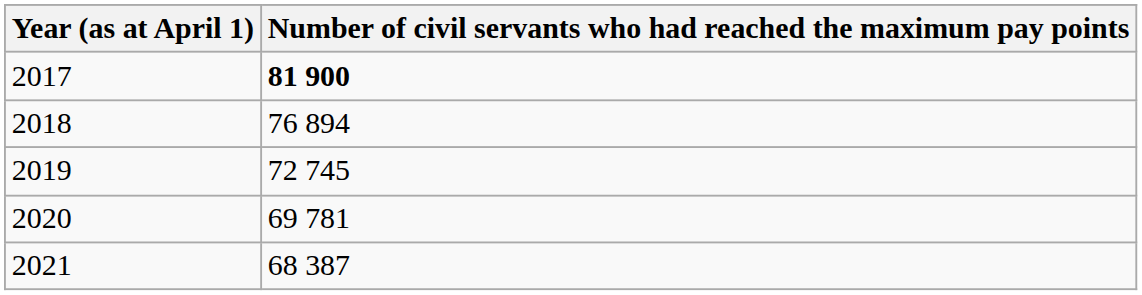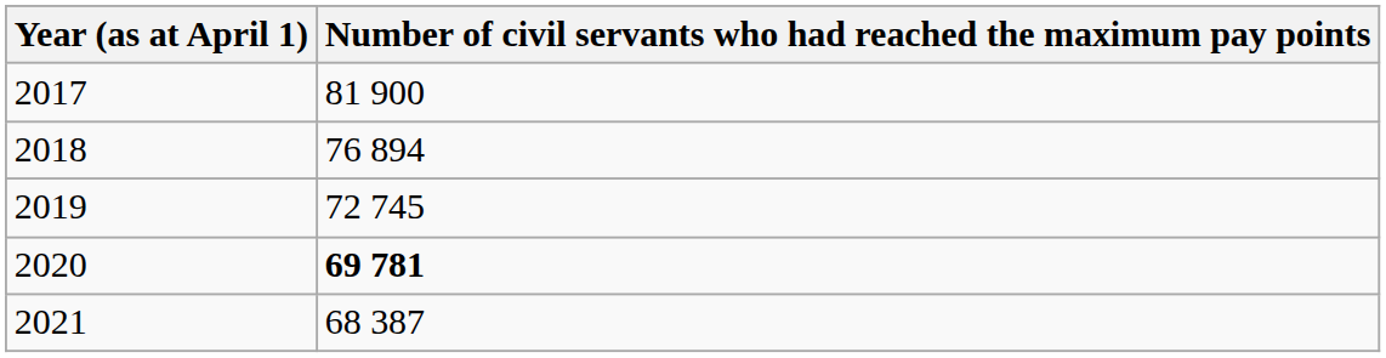 <table class="wikitable">
 <tr>
 <th>Year (as at April 1)</th>
 <th>Number of civil servants who had reached the maximum pay points</th>
 </tr>
 <tr>
 <td>2017</td>
-<td><strong>81 900</strong></td>
+<td>81 900</td>
 </tr>
 <tr>
 <td>2018</td>
 <td>76 894</td>
 </tr>
 <tr>
 <td>2019</td>
 <td>72 745</td>
 </tr>
 <tr>
 <td>2020</td>
-<td>69 781</td>
+<td><strong>69 781</strong></td>
 </tr>
 <tr>
 <td>2021</td>
 <td>68 387</td>
 </tr>
 </table>
